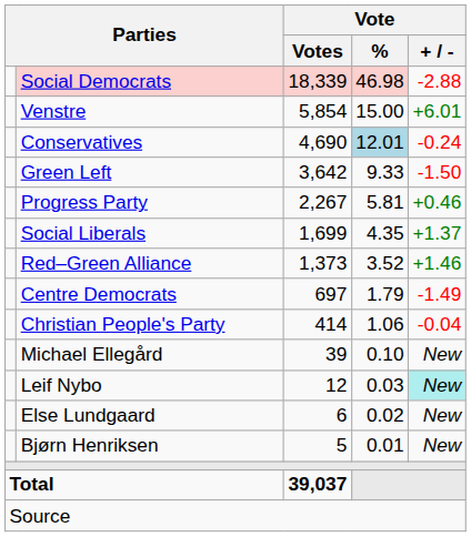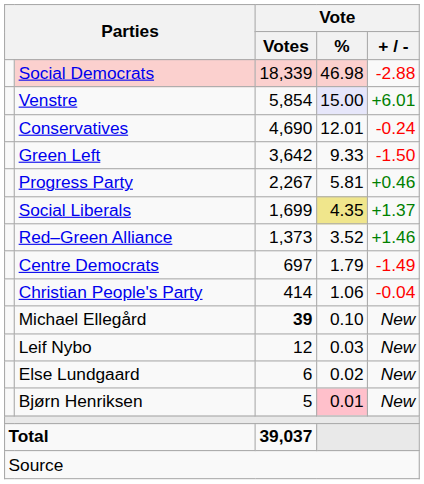 <table class="wikitable" style="text-align:right;">
 <tr>
 <th style="text-align:centre;" rowspan="2" colspan="2" width="225">Parties</th>
 <th colspan="3">Vote</th>
 </tr>
 <tr>
 <th width="15">Votes</th>
 <th width="15">%</th>
 <th width="15">+ / -</th>
 </tr>
 <tr>
 <td width="2" style="color:inherit;background:"></td>
 <td bgcolor=#fbd0ce  align="left"><a href='#'>Social Democrats</a></td>
 <td bgcolor=#fbd0ce>18,339</td>
 <td bgcolor=#fbd0ce>46.98</td>
 <td style=color:red;>-2.88</td>
 </tr>
 <tr>
 <td width="2" style="color:inherit;background:"></td>
 <td align="left"><a href='#'>Venstre</a></td>
 <td>5,854</td>
-<td>15.00</td>
+<td style="background: lavender;">15.00</td>
 <td style=color:green;>+6.01</td>
 </tr>
 <tr>
 <td width="2" style="color:inherit;background:"></td>
 <td align="left"><a href='#'>Conservatives</a></td>
 <td>4,690</td>
-<td style="background: lightblue;">12.01</td>
+<td>12.01</td>
 <td style=color:red;>-0.24</td>
 </tr>
 <tr>
 <td width="2" style="color:inherit;background:"></td>
 <td align="left"><a href='#'>Green Left</a></td>
 <td>3,642</td>
 <td>9.33</td>
 <td style=color:red;>-1.50</td>
 </tr>
 <tr>
 <td width="2" style="color:inherit;background:"></td>
 <td align="left"><a href='#'>Progress Party</a></td>
 <td>2,267</td>
 <td>5.81</td>
 <td style=color:green;>+0.46</td>
 </tr>
 <tr>
 <td width="2" style="color:inherit;background:"></td>
 <td align="left"><a href='#'>Social Liberals</a></td>
 <td>1,699</td>
-<td>4.35</td>
+<td style="background: khaki;">4.35</td>
 <td style=color:green;>+1.37</td>
 </tr>
 <tr>
 <td width="2" style="color:inherit;background:"></td>
 <td align="left"><a href='#'>Red–Green Alliance</a></td>
 <td>1,373</td>
 <td>3.52</td>
 <td style=color:green;>+1.46</td>
 </tr>
 <tr>
 <td width="2" style="color:inherit;background:"></td>
 <td align="left"><a href='#'>Centre Democrats</a></td>
 <td>697</td>
 <td>1.79</td>
 <td style=color:red;>-1.49</td>
 </tr>
 <tr>
 <td width="2" style="color:inherit;background:"></td>
 <td align="left"><a href='#'>Christian People's Party</a></td>
 <td>414</td>
 <td>1.06</td>
 <td style=color:red;>-0.04</td>
 </tr>
 <tr>
 <td width="2" style="color:inherit;background:"></td>
 <td align="left">Michael Ellegård</td>
-<td>39</td>
+<td><strong>39</strong></td>
 <td>0.10</td>
 <td><em>New</em></td>
 </tr>
 <tr>
 <td width="2" style="color:inherit;background:"></td>
 <td align="left">Leif Nybo</td>
 <td>12</td>
 <td>0.03</td>
-<td style="background: paleturquoise;"><em>New</em></td>
+<td><em>New</em></td>
 </tr>
 <tr>
 <td width="2" style="color:inherit;background:"></td>
 <td align="left">Else Lundgaard</td>
 <td>6</td>
 <td>0.02</td>
 <td><em>New</em></td>
 </tr>
 <tr>
 <td width="2" style="color:inherit;background:"></td>
 <td align="left">Bjørn Henriksen</td>
 <td>5</td>
-<td>0.01</td>
+<td style="background: pink;">0.01</td>
 <td><em>New</em></td>
 </tr>
 <tr>
 <td colspan="7" bgcolor="#E9E9E9"></td>
 </tr>
 <tr>
 <td align="left" colspan="2"><strong>Total</strong></td>
 <td><strong>39,037</strong></td>
 <td bgcolor="#E9E9E9" colspan="2"></td>
 </tr>
 <tr>
 <td align="left" colspan="6">Source</td>
 </tr>
 </table>
